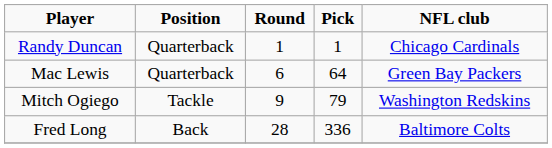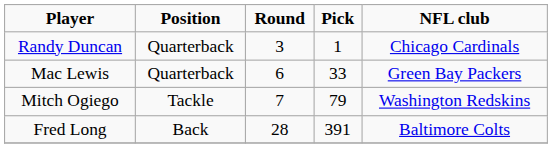 <table class="wikitable" width="80%">
 <tr align="center">
 <td><strong>Player</strong></td>
 <td><strong>Position</strong></td>
 <td><strong>Round</strong></td>
 <td><strong>Pick</strong></td>
 <td><strong>NFL club</strong></td>
 </tr>
 <tr align="center" bgcolor="">
 <td><a href='#'>Randy Duncan</a></td>
 <td>Quarterback</td>
-<td>1</td>
+<td>3</td>
 <td>1</td>
 <td><a href='#'>Chicago Cardinals</a></td>
 </tr>
 <tr align="center" bgcolor="">
 <td>Mac Lewis</td>
 <td>Quarterback</td>
 <td>6</td>
-<td>64</td>
+<td>33</td>
 <td><a href='#'>Green Bay Packers</a></td>
 </tr>
 <tr align="center" bgcolor="">
 <td>Mitch Ogiego</td>
 <td>Tackle</td>
-<td>9</td>
+<td>7</td>
 <td>79</td>
 <td><a href='#'>Washington Redskins</a></td>
 </tr>
 <tr align="center" bgcolor="">
 <td>Fred Long</td>
 <td>Back</td>
 <td>28</td>
-<td>336</td>
+<td>391</td>
 <td><a href='#'>Baltimore Colts</a></td>
 </tr>
 <tr align="center" bgcolor="">
 </tr>
 </table>
